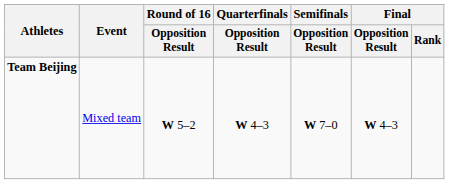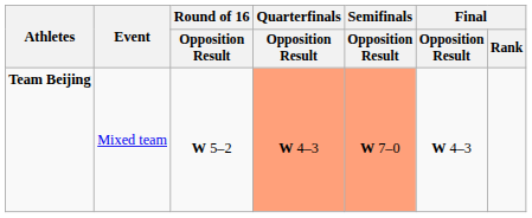 <table class="wikitable" style="font-size:90%">
 <tr>
 <th rowspan=2>Athletes</th>
 <th rowspan=2>Event</th>
 <th>Round of 16</th>
 <th>Quarterfinals</th>
 <th>Semifinals</th>
 <th colspan=2>Final</th>
 </tr>
 <tr style="font-size:95%">
 <th>Opposition<br>Result</th>
 <th>Opposition<br>Result</th>
 <th>Opposition<br>Result</th>
 <th>Opposition<br>Result</th>
 <th>Rank</th>
 </tr>
 <tr align=center>
 <td align=left><strong>Team Beijing</strong><br><br><br><br><br><br><br><br></td>
 <td align=left><a href='#'>Mixed team</a></td>
 <td><br><strong>W</strong> 5–2</td>
-<td><br><strong>W</strong> 4–3</td>
-<td><br><strong>W</strong> 7–0</td>
+<td style="background: lightsalmon;"><br><strong>W</strong> 4–3</td>
+<td style="background: lightsalmon;"><br><strong>W</strong> 7–0</td>
 <td><br><strong>W</strong> 4–3</td>
 <td></td>
 </tr>
 </table>
